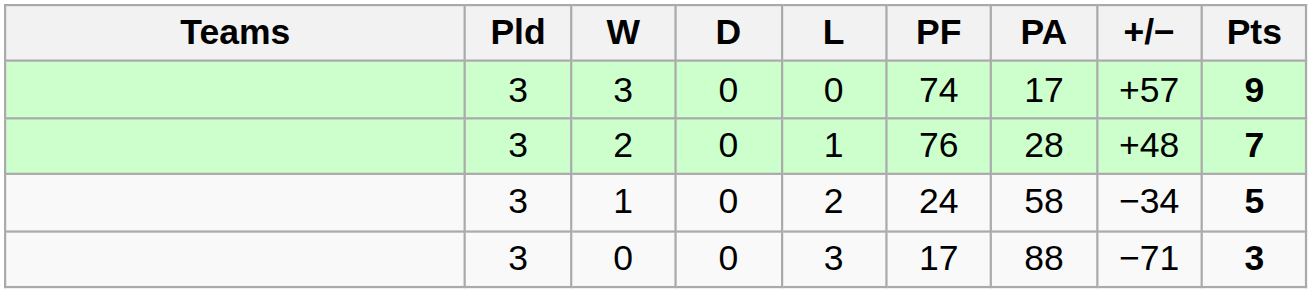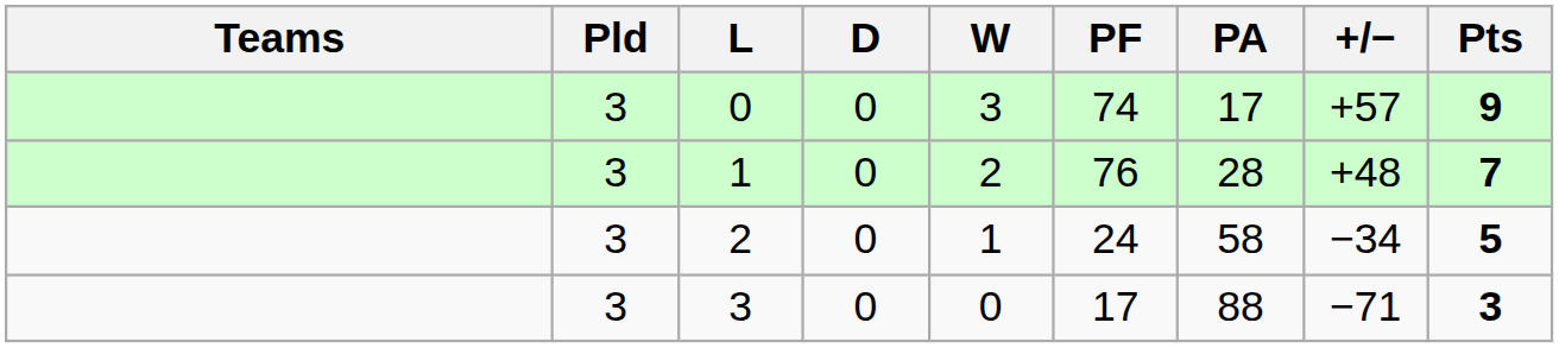 <table class="wikitable" style="text-align: center;">
 <tr>
 <th width="200">Teams</th>
 <th width="40">Pld</th>
+<th width="40">L</th>
+<th width="40">D</th>
 <th width="40">W</th>
-<th width="40">D</th>
-<th width="40">L</th>
 <th width="40">PF</th>
 <th width="40">PA</th>
 <th width="40">+/−</th>
 <th width="40">Pts</th>
 </tr>
 <tr bgcolor=ccffcc>
 <td align=left></td>
 <td>3</td>
-<td>3</td>
 <td>0</td>
 <td>0</td>
+<td>3</td>
 <td>74</td>
 <td>17</td>
 <td>+57</td>
 <td><strong>9</strong></td>
 </tr>
 <tr bgcolor=ccffcc>
 <td align=left></td>
 <td>3</td>
+<td>1</td>
+<td>0</td>
 <td>2</td>
-<td>0</td>
-<td>1</td>
 <td>76</td>
 <td>28</td>
 <td>+48</td>
 <td><strong>7</strong></td>
 </tr>
 <tr>
 <td align=left></td>
 <td>3</td>
+<td>2</td>
+<td>0</td>
 <td>1</td>
-<td>0</td>
-<td>2</td>
 <td>24</td>
 <td>58</td>
 <td>−34</td>
 <td><strong>5</strong></td>
 </tr>
 <tr>
 <td align=left></td>
 <td>3</td>
+<td>3</td>
 <td>0</td>
 <td>0</td>
-<td>3</td>
 <td>17</td>
 <td>88</td>
 <td>−71</td>
 <td><strong>3</strong></td>
 </tr>
 </table>
